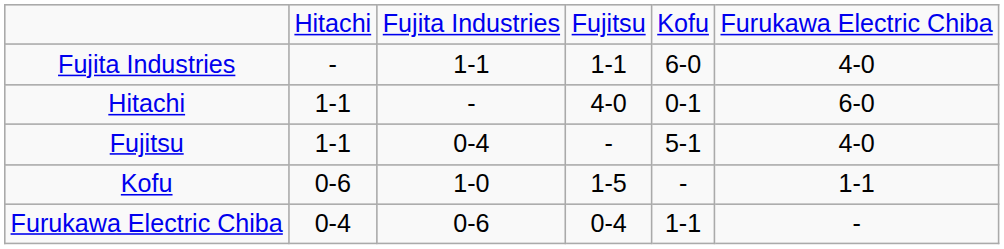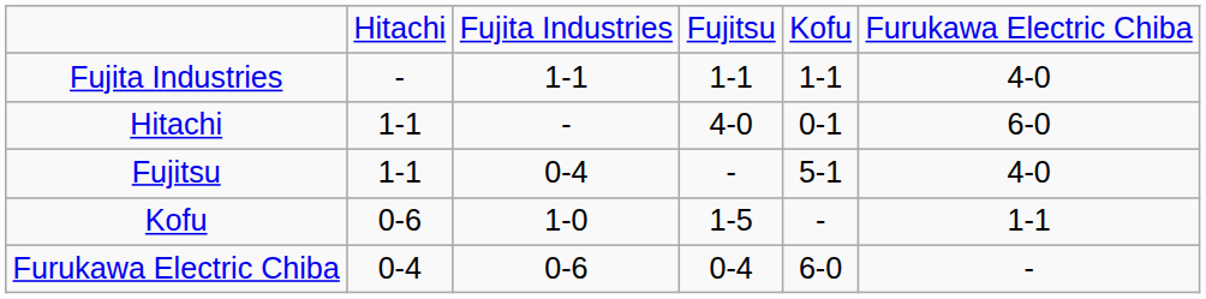 <table class="wikitable">
 <tr align=center>
 <td></td>
 <td><a href='#'>Hitachi</a></td>
 <td><a href='#'>Fujita Industries</a></td>
 <td><a href='#'>Fujitsu</a></td>
 <td><a href='#'>Kofu</a></td>
 <td><a href='#'>Furukawa Electric Chiba</a></td>
 </tr>
 <tr align=center>
 <td><a href='#'>Fujita Industries</a></td>
 <td>-</td>
 <td>1-1</td>
 <td>1-1</td>
-<td>6-0</td>
+<td>1-1</td>
 <td>4-0</td>
 </tr>
 <tr align=center>
 <td><a href='#'>Hitachi</a></td>
 <td>1-1</td>
 <td>-</td>
 <td>4-0</td>
 <td>0-1</td>
 <td>6-0</td>
 </tr>
 <tr align=center>
 <td><a href='#'>Fujitsu</a></td>
 <td>1-1</td>
 <td>0-4</td>
 <td>-</td>
 <td>5-1</td>
 <td>4-0</td>
 </tr>
 <tr align=center>
 <td><a href='#'>Kofu</a></td>
 <td>0-6</td>
 <td>1-0</td>
 <td>1-5</td>
 <td>-</td>
 <td>1-1</td>
 </tr>
 <tr align=center>
 <td><a href='#'>Furukawa Electric Chiba</a></td>
 <td>0-4</td>
 <td>0-6</td>
 <td>0-4</td>
-<td>1-1</td>
+<td>6-0</td>
 <td>-</td>
 </tr>
 </table>
